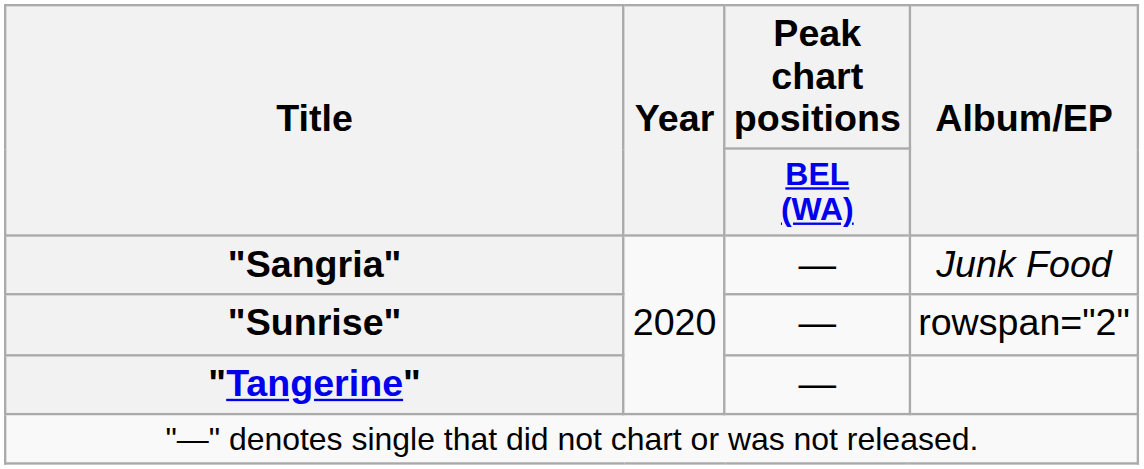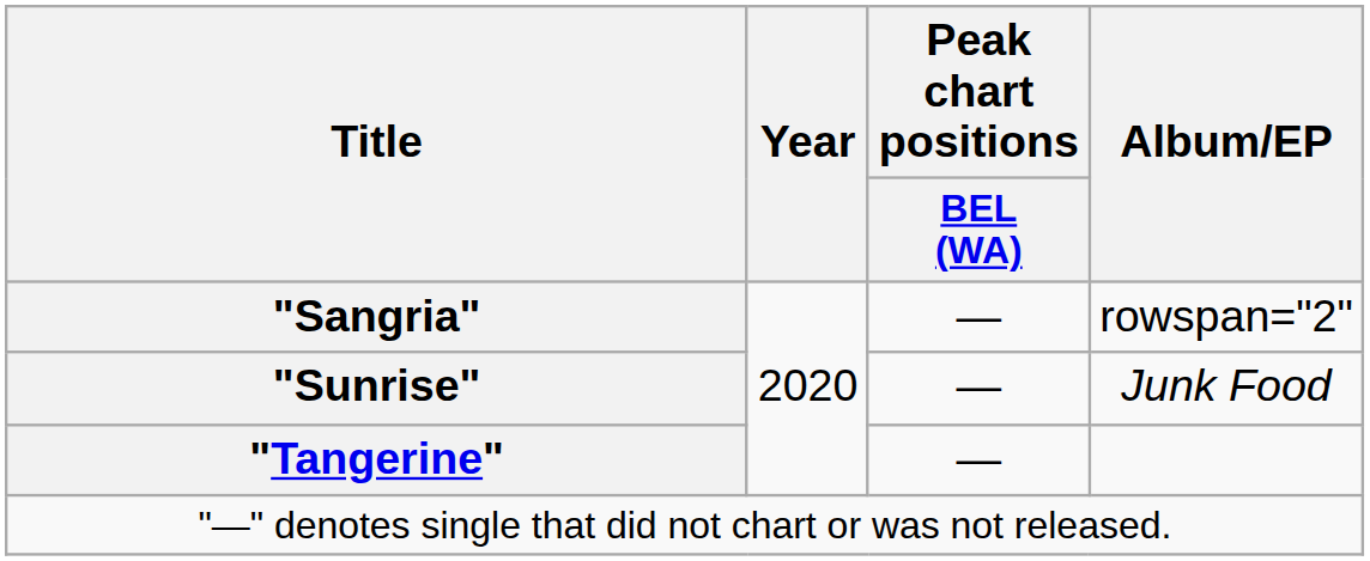 <table class="wikitable plainrowheaders" style="text-align:center;">
 <tr>
 <th scope="col" rowspan="2" style="width:16em;">Title</th>
 <th scope="col" rowspan="2" style="width:1em;">Year</th>
 <th scope="col" colspan="1">Peak chart positions</th>
 <th rowspan="2" scope="col">Album/EP</th>
 </tr>
 <tr>
 <th scope="col" style="width:3em;font-size:85%;"><a href='#'>BEL<br>(WA)</a><br></th>
 </tr>
 <tr>
 <th scope="row">"Sangria"<br></th>
 <td rowspan="3">2020</td>
 <td>—</td>
-<td><em>Junk Food</em></td>
+<td>rowspan="2" </td>
 </tr>
 <tr>
 <th scope="row">"Sunrise"<br></th>
 <td>—</td>
-<td>rowspan="2" </td>
+<td><em>Junk Food</em></td>
 </tr>
 <tr>
 <th scope="row">"<a href='#'>Tangerine</a>"<br></th>
 <td>—</td>
 </tr>
 <tr>
 <td colspan="14" style="font-size:85%">"—" denotes single that did not chart or was not released.</td>
 </tr>
 </table>
